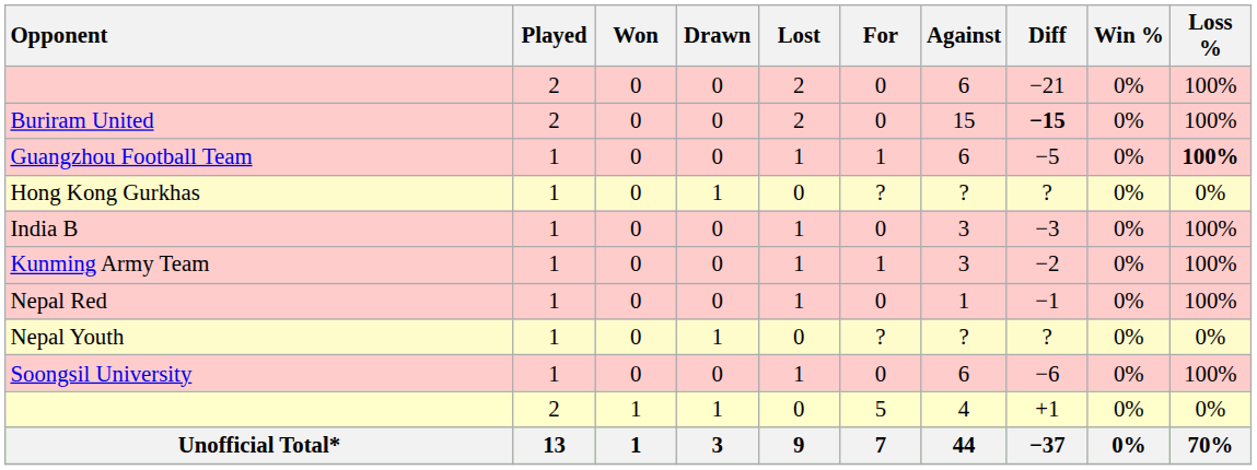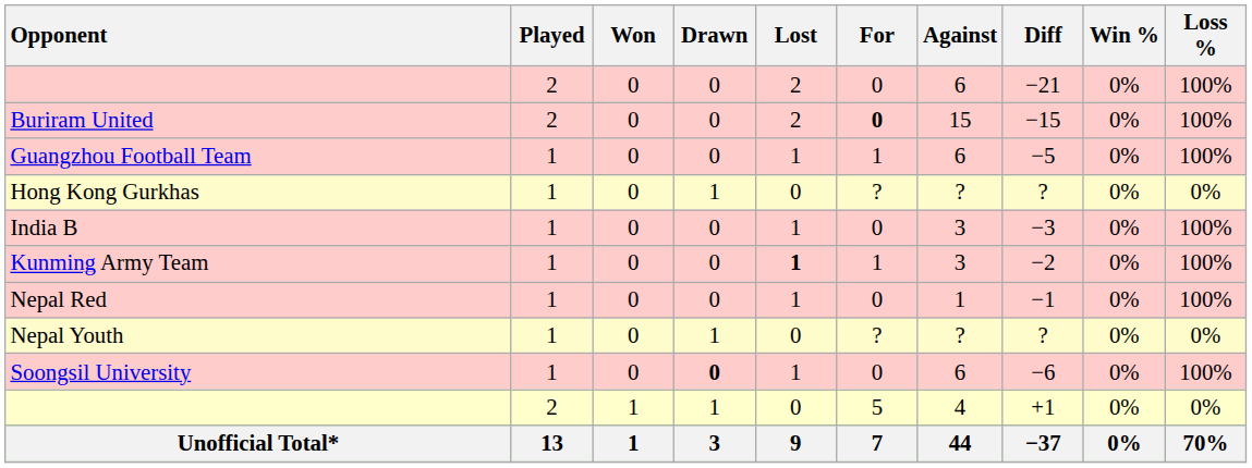 <table class="wikitable sortable" style="text-align:center;">
 <tr>
 <th style="width:350px; text-align:left;">Opponent</th>
 <th style="width:50px;">Played</th>
 <th style="width:50px;">Won</th>
 <th style="width:50px;">Drawn</th>
 <th style="width:50px;">Lost</th>
 <th style="width:50px;">For</th>
 <th style="width:50px;">Against</th>
 <th style="width:50px;">Diff</th>
 <th style="width:50px;">Win %</th>
 <th style="width:50px;">Loss %</th>
 </tr>
 <tr style="background:#FFCCCC;">
 <td align=left></td>
 <td>2</td>
 <td>0</td>
 <td>0</td>
 <td>2</td>
 <td>0</td>
 <td>6</td>
 <td>−21</td>
 <td>0%</td>
 <td>100%</td>
 </tr>
 <tr style="background:#FFCCCC;">
 <td align=left> <a href='#'>Buriram United</a></td>
 <td>2</td>
 <td>0</td>
 <td>0</td>
 <td>2</td>
-<td>0</td>
+<td><strong>0</strong></td>
 <td>15</td>
-<td><strong>−15</strong></td>
+<td>−15</td>
 <td>0%</td>
 <td>100%</td>
 </tr>
 <tr style="background:#FFCCCC;">
 <td align=left> <a href='#'>Guangzhou Football Team</a></td>
 <td>1</td>
 <td>0</td>
 <td>0</td>
 <td>1</td>
 <td>1</td>
 <td>6</td>
 <td>−5</td>
 <td>0%</td>
-<td><strong>100%</strong></td>
+<td>100%</td>
 </tr>
 <tr style="background:#FFFCCC;">
 <td align=left> Hong Kong Gurkhas</td>
 <td>1</td>
 <td>0</td>
 <td>1</td>
 <td>0</td>
 <td>?</td>
 <td>?</td>
 <td>?</td>
 <td>0%</td>
 <td>0%</td>
 </tr>
 <tr style="background:#FFCCCC;">
 <td align=left>India B</td>
 <td>1</td>
 <td>0</td>
 <td>0</td>
 <td>1</td>
 <td>0</td>
 <td>3</td>
 <td>−3</td>
 <td>0%</td>
 <td>100%</td>
 </tr>
 <tr style="background:#FFCCCC;">
 <td align=left> <a href='#'>Kunming</a> Army Team</td>
 <td>1</td>
 <td>0</td>
 <td>0</td>
-<td>1</td>
+<td><strong>1</strong></td>
 <td>1</td>
 <td>3</td>
 <td>−2</td>
 <td>0%</td>
 <td>100%</td>
 </tr>
 <tr style="background:#FFCCCC;">
 <td align=left> Nepal Red</td>
 <td>1</td>
 <td>0</td>
 <td>0</td>
 <td>1</td>
 <td>0</td>
 <td>1</td>
 <td>−1</td>
 <td>0%</td>
 <td>100%</td>
 </tr>
 <tr style="background:#FFFCCC;">
 <td align=left> Nepal Youth</td>
 <td>1</td>
 <td>0</td>
 <td>1</td>
 <td>0</td>
 <td>?</td>
 <td>?</td>
 <td>?</td>
 <td>0%</td>
 <td>0%</td>
 </tr>
 <tr style="background:#FFCCCC;">
 <td align=left> <a href='#'>Soongsil University</a></td>
 <td>1</td>
 <td>0</td>
-<td>0</td>
+<td><strong>0</strong></td>
 <td>1</td>
 <td>0</td>
 <td>6</td>
 <td>−6</td>
 <td>0%</td>
 <td>100%</td>
 </tr>
 <tr bgcolor=#FFFFCC>
 <td align=left></td>
 <td>2</td>
 <td>1</td>
 <td>1</td>
 <td>0</td>
 <td>5</td>
 <td>4</td>
 <td>+1</td>
 <td>0%</td>
 <td>0%</td>
 </tr>
 <tr style="background:#98FB98">
 <th>Unofficial Total*</th>
 <th>13</th>
 <th>1</th>
 <th>3</th>
 <th>9</th>
 <th>7</th>
 <th>44</th>
 <th>−37</th>
 <th>0%</th>
 <th>70%</th>
 </tr>
 <tr>
 </tr>
 </table>
